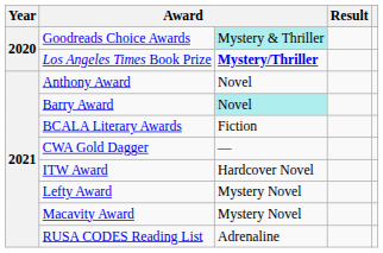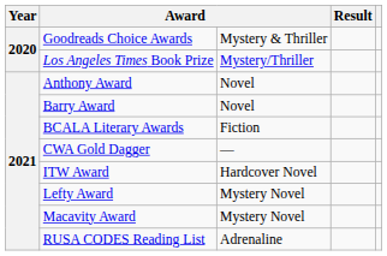 <table class="wikitable sortable">
 <tr>
 <th>Year</th>
 <th colspan="2">Award</th>
 <th>Result</th>
 <th></th>
 </tr>
 <tr>
 <th rowspan="2">2020</th>
 <td><a href='#'>Goodreads Choice Awards</a></td>
-<td style="background: paleturquoise;">Mystery & Thriller</td>
+<td>Mystery & Thriller</td>
 <td></td>
 <td></td>
 </tr>
 <tr>
 <td><a href='#'><em>Los Angeles Times</em> Book Prize</a></td>
-<td><strong><a href='#'>Mystery/Thriller</a></strong></td>
+<td><a href='#'>Mystery/Thriller</a></td>
 <td></td>
 <td></td>
 </tr>
 <tr>
 <th rowspan="8">2021</th>
 <td><a href='#'>Anthony Award</a></td>
 <td>Novel</td>
 <td></td>
 <td></td>
 </tr>
 <tr>
 <td><a href='#'>Barry Award</a></td>
-<td style="background: paleturquoise;">Novel</td>
+<td>Novel</td>
 <td></td>
 <td></td>
 </tr>
 <tr>
 <td><a href='#'>BCALA Literary Awards</a></td>
 <td>Fiction</td>
 <td></td>
 <td></td>
 </tr>
 <tr>
 <td><a href='#'>CWA Gold Dagger</a></td>
 <td>—</td>
 <td></td>
 <td></td>
 </tr>
 <tr>
 <td><a href='#'>ITW Award</a></td>
 <td>Hardcover Novel</td>
 <td></td>
 <td></td>
 </tr>
 <tr>
 <td><a href='#'>Lefty Award</a></td>
 <td>Mystery Novel</td>
 <td></td>
 <td></td>
 </tr>
 <tr>
 <td><a href='#'>Macavity Award</a></td>
 <td>Mystery Novel</td>
 <td></td>
 <td></td>
 </tr>
 <tr>
 <td><a href='#'>RUSA CODES Reading List</a></td>
 <td>Adrenaline</td>
 <td></td>
 <td></td>
 </tr>
 </table>
